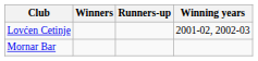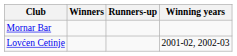 <table class="wikitable" style="font-size:90%">
 <tr>
 <th>Club</th>
 <th>Winners</th>
 <th>Runners-up</th>
 <th>Winning years</th>
 </tr>
 <tr>
+<td><a href='#'>Mornar Bar</a></td>
+<td></td>
+<td></td>
+<td></td>
+</tr>
+<tr>
 <td><a href='#'>Lovćen Cetinje</a></td>
 <td></td>
 <td></td>
 <td>2001-02, 2002-03</td>
 </tr>
-<tr>
-<td><a href='#'>Mornar Bar</a></td>
-<td></td>
-<td></td>
-<td></td>
-</tr>
 </table>
